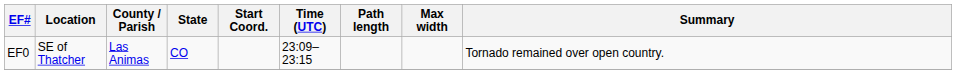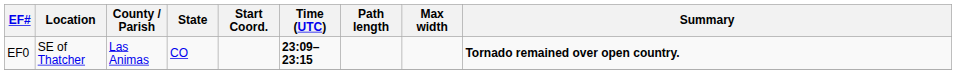 <table class="wikitable sortable" style="width:100%;">
 <tr>
 <th scope="col" width="3%" align="center"><a href='#'>EF#</a></th>
 <th scope="col" width="7%" align="center" class="unsortable">Location</th>
 <th scope="col" width="6%" align="center" class="unsortable">County / Parish</th>
 <th scope="col" width="5%" align="center">State</th>
 <th scope="col" width="6%" align="center">Start Coord.</th>
 <th scope="col" width="6%" align="center">Time (<a href='#'>UTC</a>)</th>
 <th scope="col" width="6%" align="center">Path length</th>
 <th scope="col" width="6%" align="center">Max width</th>
 <th scope="col" width="48%" class="unsortable" align="center">Summary</th>
 </tr>
 <tr>
 <td>EF0</td>
 <td>SE of <a href='#'>Thatcher</a></td>
 <td><a href='#'>Las Animas</a></td>
 <td><a href='#'>CO</a></td>
 <td></td>
-<td>23:09–23:15</td>
+<td><strong>23:09–23:15</strong></td>
 <td></td>
 <td></td>
-<td>Tornado remained over open country.</td>
+<td><strong>Tornado remained over open country.</strong></td>
 </tr>
 <tr>
 </tr>
 </table>
